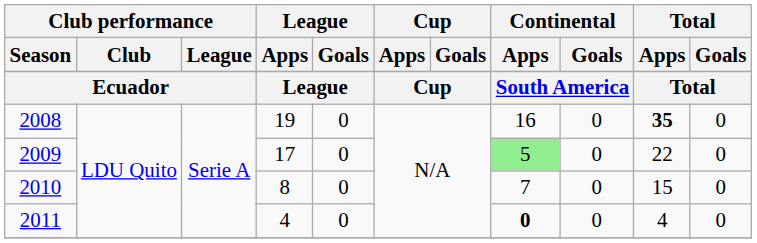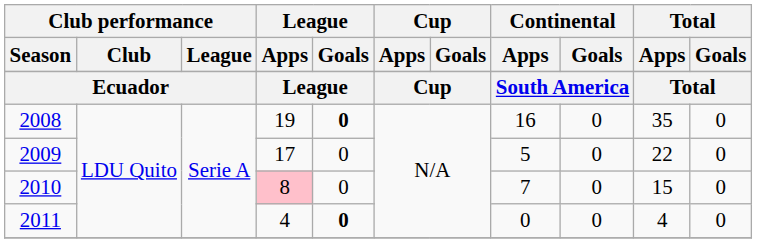 <table class="wikitable" style="text-align:center">
 <tr>
 <th colspan=3>Club performance</th>
 <th colspan=2>League</th>
 <th colspan=2>Cup</th>
 <th colspan=2>Continental</th>
 <th colspan=2>Total</th>
 </tr>
 <tr>
 <th>Season</th>
 <th>Club</th>
 <th>League</th>
 <th>Apps</th>
 <th>Goals</th>
 <th>Apps</th>
 <th>Goals</th>
 <th>Apps</th>
 <th>Goals</th>
 <th>Apps</th>
 <th>Goals</th>
 </tr>
 <tr>
 </tr>
 <tr>
 <th colspan=3>Ecuador</th>
 <th colspan=2>League</th>
 <th colspan=2>Cup</th>
 <th colspan=2><a href='#'>South America</a></th>
 <th colspan=2>Total</th>
 </tr>
 <tr>
 <td><a href='#'>2008</a></td>
 <td rowspan=4><a href='#'>LDU Quito</a></td>
 <td rowspan=4><a href='#'>Serie A</a></td>
 <td>19</td>
-<td>0</td>
+<td><strong>0</strong></td>
 <td rowspan=4 colspan=2>N/A</td>
 <td>16</td>
 <td>0</td>
-<td><strong>35</strong></td>
+<td>35</td>
 <td>0</td>
 </tr>
 <tr>
 <td><a href='#'>2009</a></td>
 <td>17</td>
 <td>0</td>
-<td style="background: lightgreen;">5</td>
+<td>5</td>
 <td>0</td>
 <td>22</td>
 <td>0</td>
 </tr>
 <tr>
 <td><a href='#'>2010</a></td>
-<td>8</td>
+<td style="background: pink;">8</td>
 <td>0</td>
 <td>7</td>
 <td>0</td>
 <td>15</td>
 <td>0</td>
 </tr>
 <tr>
 <td><a href='#'>2011</a></td>
 <td>4</td>
+<td><strong>0</strong></td>
 <td>0</td>
-<td><strong>0</strong></td>
 <td>0</td>
 <td>4</td>
 <td>0</td>
 </tr>
 <tr>
 </tr>
 </table>
